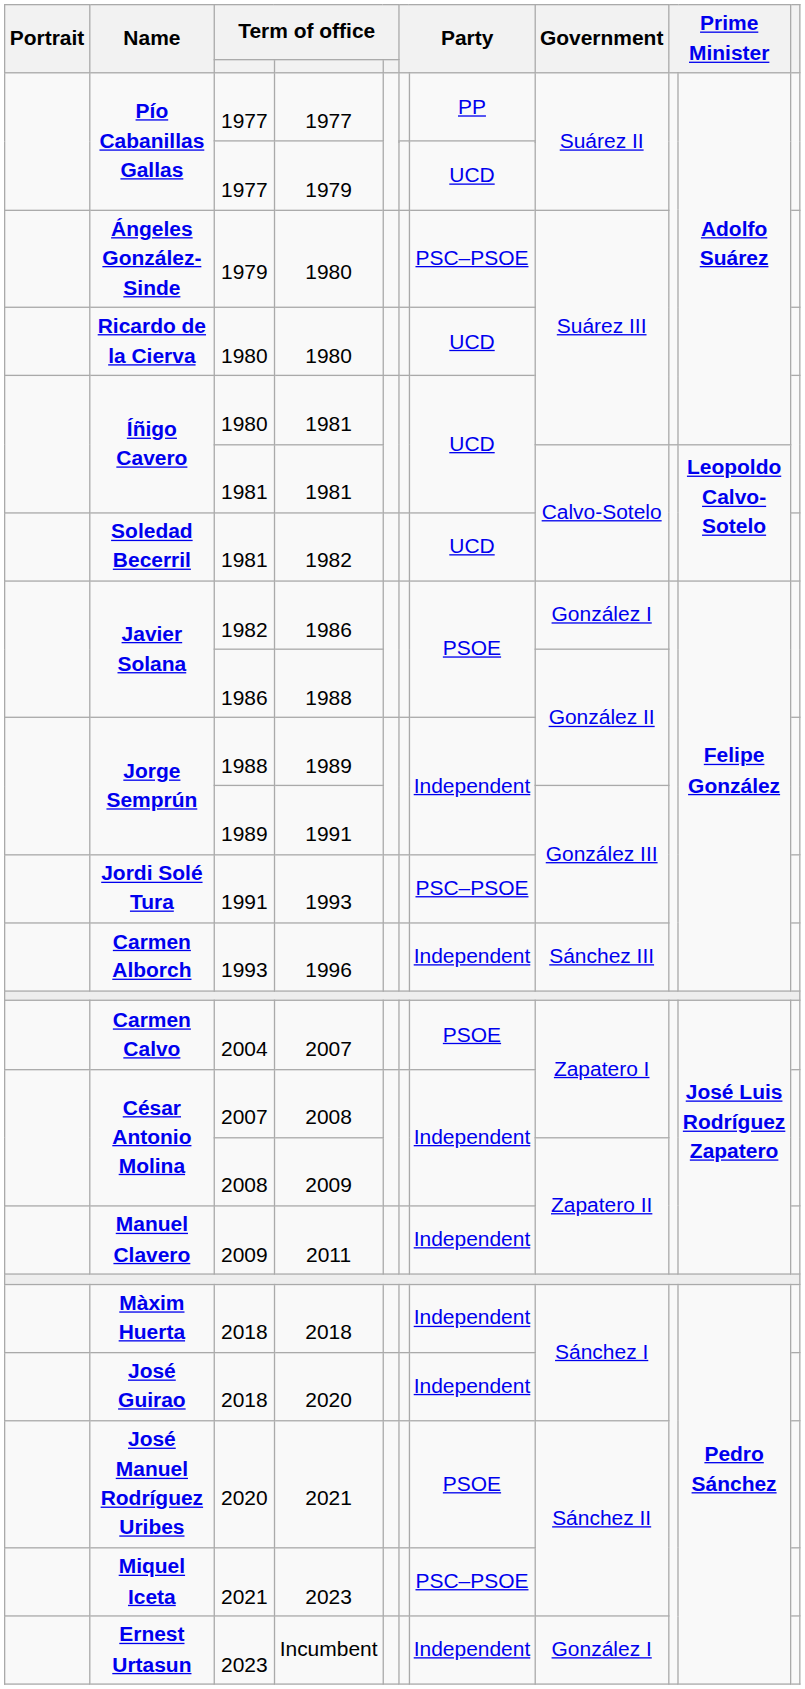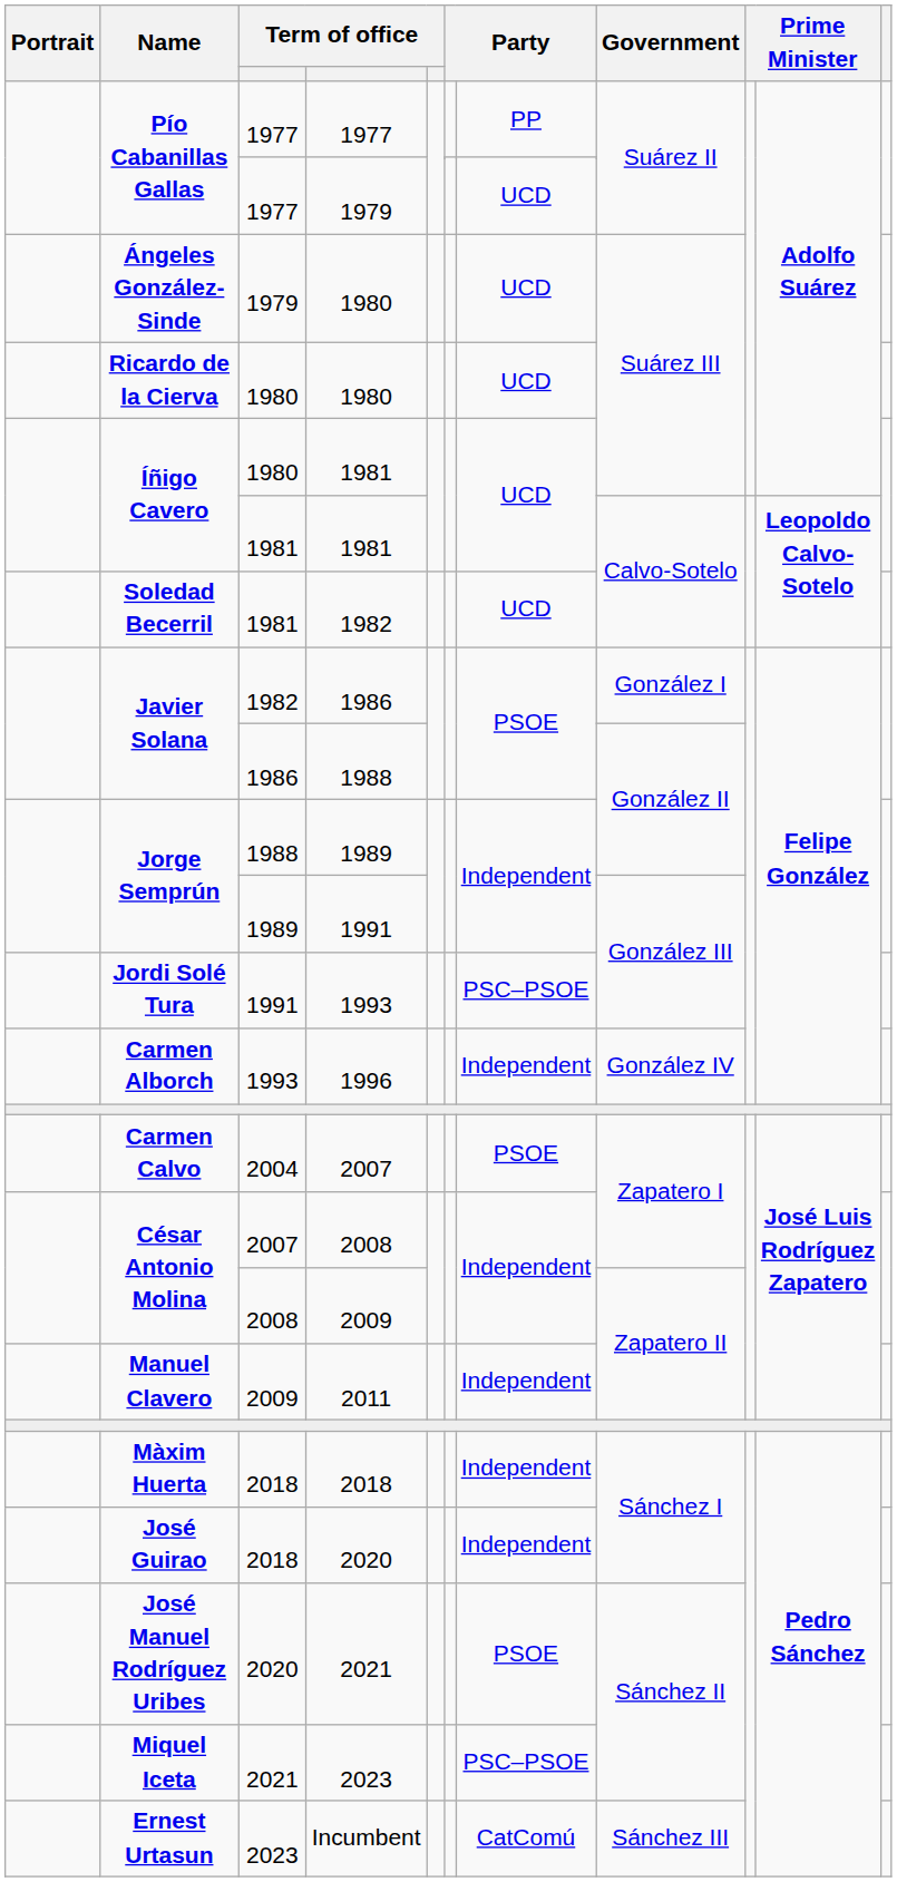 <table class="wikitable" style="line-height:1.4em; text-align:center; border:1px #aaf solid;">
 <tr>
 <th rowspan="2" width="65">Portrait</th>
 <th rowspan="2" width="210">Name<br></th>
 <th colspan="3">Term of office</th>
 <th rowspan="2" colspan="2" width="90">Party</th>
 <th rowspan="2">Government</th>
 <th rowspan="2" colspan="2"><a href='#'>Prime Minister</a><br></th>
 <th rowspan="2"></th>
 </tr>
 <tr>
 <th width="85"></th>
 <th width="85"></th>
 <th width="85"></th>
 </tr>
 <tr>
 <td rowspan="3"></td>
 <td rowspan="3"><strong><a href='#'>Pío Cabanillas Gallas</a></strong><br></td>
 <td class="nowrap"><br>1977</td>
 <td class="nowrap"><br>1977</td>
 <td rowspan="3" style="font-size:95%;"></td>
 <td rowspan="2" width="1" style="color:inherit;background:"></td>
 <td rowspan="2"><a href='#'>PP</a></td>
 <td rowspan="3"><a href='#'>Suárez II</a></td>
 <td width="1" rowspan="6" style="color:inherit;background:"></td>
 <td rowspan="6"><strong><a href='#'>Adolfo Suárez</a></strong><br><br></td>
 <td rowspan="3" align="center"><br><br></td>
 </tr>
 <tr>
 <td rowspan="2" class="nowrap"><br>1977</td>
 <td rowspan="2" class="nowrap"><br>1979</td>
 </tr>
 <tr>
 <td style="color:inherit;background:"></td>
 <td><a href='#'>UCD</a></td>
 </tr>
 <tr>
 <td></td>
 <td><strong><a href='#'>Ángeles González-Sinde</a></strong><br></td>
 <td class="nowrap"><br>1979</td>
 <td class="nowrap"><br>1980</td>
 <td style="font-size:95%;"></td>
 <td style="color:inherit;background:"></td>
-<td><a href='#'>PSC–PSOE</a></td>
+<td><a href='#'>UCD</a></td>
 <td rowspan="3"><a href='#'>Suárez III</a></td>
 <td align="center"><br></td>
 </tr>
 <tr>
 <td></td>
 <td><strong><a href='#'>Ricardo de la Cierva</a></strong><br></td>
 <td class="nowrap"><br>1980</td>
 <td class="nowrap"><br>1980</td>
 <td style="font-size:95%;"></td>
 <td style="color:inherit;background:"></td>
 <td><a href='#'>UCD</a></td>
 <td align="center"><br></td>
 </tr>
 <tr>
 <td rowspan="2"></td>
 <td rowspan="2"><strong><a href='#'>Íñigo Cavero</a></strong><br></td>
 <td class="nowrap"><br>1980</td>
 <td class="nowrap"><br>1981</td>
 <td rowspan="2" style="font-size:95%;"></td>
 <td rowspan="2" style="color:inherit;background:"></td>
 <td rowspan="2"><a href='#'>UCD</a></td>
 <td rowspan="2" align="center"><br><br></td>
 </tr>
 <tr>
 <td class="nowrap"><br>1981</td>
 <td class="nowrap"><br>1981</td>
 <td rowspan="2"><a href='#'>Calvo-Sotelo</a></td>
 <td rowspan="2" style="color:inherit;background:"></td>
 <td rowspan="2"><strong><a href='#'>Leopoldo Calvo-Sotelo</a></strong><br><br></td>
 </tr>
 <tr>
 <td></td>
 <td><strong><a href='#'>Soledad Becerril</a></strong><br></td>
 <td class="nowrap"><br>1981</td>
 <td class="nowrap"><br>1982</td>
 <td style="font-size:95%;"></td>
 <td style="color:inherit;background:"></td>
 <td><a href='#'>UCD</a></td>
 <td align="center"><br></td>
 </tr>
 <tr>
 <td rowspan="2"></td>
 <td rowspan="2"><strong><a href='#'>Javier Solana</a></strong><br></td>
 <td class="nowrap"><br>1982</td>
 <td class="nowrap"><br>1986</td>
 <td rowspan="2" style="font-size:95%;"></td>
 <td rowspan="2" style="color:inherit;background:"></td>
 <td rowspan="2"><a href='#'>PSOE</a></td>
 <td><a href='#'>González I</a></td>
 <td rowspan="6" style="color:inherit;background:"></td>
 <td rowspan="6"><strong><a href='#'>Felipe González</a></strong><br><br></td>
 <td rowspan="2" align="center"><br><br></td>
 </tr>
 <tr>
 <td class="nowrap"><br>1986</td>
 <td class="nowrap"><br>1988</td>
 <td rowspan="2"><a href='#'>González II</a></td>
 </tr>
 <tr>
 <td rowspan="2"></td>
 <td rowspan="2"><strong><a href='#'>Jorge Semprún</a></strong><br></td>
 <td class="nowrap"><br>1988</td>
 <td class="nowrap"><br>1989</td>
 <td rowspan="2" style="font-size:95%;"></td>
 <td rowspan="2" style="color:inherit;background:"></td>
 <td rowspan="2"><a href='#'>Independent</a></td>
 <td rowspan="2" align="center"><br></td>
 </tr>
 <tr>
 <td class="nowrap"><br>1989</td>
 <td class="nowrap"><br>1991</td>
 <td rowspan="2"><a href='#'>González III</a></td>
 </tr>
 <tr>
 <td></td>
 <td><strong><a href='#'>Jordi Solé Tura</a></strong><br></td>
 <td class="nowrap"><br>1991</td>
 <td class="nowrap"><br>1993</td>
 <td style="font-size:95%;"></td>
 <td style="color:inherit;background:"></td>
 <td><a href='#'>PSC–PSOE</a></td>
 <td align="center"><br></td>
 </tr>
 <tr>
 <td></td>
 <td><strong><a href='#'>Carmen Alborch</a></strong><br></td>
 <td class="nowrap"><br>1993</td>
 <td class="nowrap"><br>1996</td>
 <td style="font-size:95%;"></td>
 <td style="color:inherit;background:"></td>
 <td><a href='#'>Independent</a></td>
-<td><a href='#'>Sánchez III</a></td>
+<td><a href='#'>González IV</a></td>
 <td align="center"><br></td>
 </tr>
 <tr>
 <td colspan="11" style="background:#EEEEEE;"></td>
 </tr>
 <tr>
 <td></td>
 <td><strong><a href='#'>Carmen Calvo</a></strong><br></td>
 <td class="nowrap"><br>2004</td>
 <td class="nowrap"><br>2007</td>
 <td style="font-size:95%;"></td>
 <td style="color:inherit;background:"></td>
 <td><a href='#'>PSOE</a></td>
 <td rowspan="2"><a href='#'>Zapatero I</a></td>
 <td rowspan="4" style="color:inherit;background:"></td>
 <td rowspan="4"><strong><a href='#'>José Luis<br>Rodríguez Zapatero</a></strong><br><br></td>
 <td align="center"><br></td>
 </tr>
 <tr>
 <td rowspan="2"></td>
 <td rowspan="2"><strong><a href='#'>César Antonio Molina</a></strong><br></td>
 <td class="nowrap"><br>2007</td>
 <td class="nowrap"><br>2008</td>
 <td rowspan="2" style="font-size:95%;"></td>
 <td rowspan="2" style="color:inherit;background:"></td>
 <td rowspan="2"><a href='#'>Independent</a></td>
 <td rowspan="2" align="center"><br><br></td>
 </tr>
 <tr>
 <td class="nowrap"><br>2008</td>
 <td class="nowrap"><br>2009</td>
 <td rowspan="2"><a href='#'>Zapatero II</a></td>
 </tr>
 <tr>
 <td></td>
 <td><strong><a href='#'>Manuel Clavero</a></strong><br></td>
 <td class="nowrap"><br>2009</td>
 <td class="nowrap"><br>2011</td>
 <td style="font-size:95%;"></td>
 <td style="color:inherit;background:"></td>
 <td><a href='#'>Independent</a></td>
 <td align="center"><br></td>
 </tr>
 <tr>
 <td colspan="11" style="background:#EEEEEE;"></td>
 </tr>
 <tr>
 <td></td>
 <td><strong><a href='#'>Màxim Huerta</a></strong><br></td>
 <td class="nowrap"><br>2018</td>
 <td class="nowrap"><br>2018</td>
 <td style="font-size:95%;"></td>
 <td style="color:inherit;background:"></td>
 <td><a href='#'>Independent</a></td>
 <td rowspan="2"><a href='#'>Sánchez I</a></td>
 <td rowspan="5" style="color:inherit;background:"></td>
 <td rowspan="5"><strong><a href='#'>Pedro Sánchez</a></strong><br><br></td>
 <td align="center"><br></td>
 </tr>
 <tr>
 <td></td>
 <td><strong><a href='#'>José Guirao</a></strong><br></td>
 <td class="nowrap"><br>2018</td>
 <td class="nowrap"><br>2020</td>
 <td style="font-size:95%;"></td>
 <td style="color:inherit;background:"></td>
 <td><a href='#'>Independent</a></td>
 <td align="center"><br></td>
 </tr>
 <tr>
 <td></td>
 <td><strong><a href='#'>José Manuel Rodríguez Uribes</a></strong><br></td>
 <td class="nowrap"><br>2020</td>
 <td class="nowrap"><br>2021</td>
 <td style="font-size:95%;"></td>
 <td style="color:inherit;background:"></td>
 <td><a href='#'>PSOE</a></td>
 <td rowspan="2"><a href='#'>Sánchez II</a></td>
 <td align="center"><br></td>
 </tr>
 <tr>
 <td></td>
 <td><strong><a href='#'>Miquel Iceta</a></strong><br></td>
 <td class="nowrap"><br>2021</td>
 <td class="nowrap"><br>2023</td>
 <td style="font-size:95%;"></td>
 <td style="color:inherit;background:"></td>
 <td><a href='#'>PSC–PSOE</a></td>
 <td align="center"><br></td>
 </tr>
 <tr>
 <td></td>
 <td><strong><a href='#'>Ernest Urtasun</a></strong><br></td>
 <td class="nowrap"><br>2023</td>
 <td class="nowrap">Incumbent</td>
 <td style="font-size:95%;"></td>
 <td style="color:inherit;background:"></td>
-<td><a href='#'>Independent</a></td>
-<td><a href='#'>González I</a></td>
+<td><a href='#'>CatComú</a></td>
+<td><a href='#'>Sánchez III</a></td>
 <td align="center"></td>
 </tr>
 </table>
